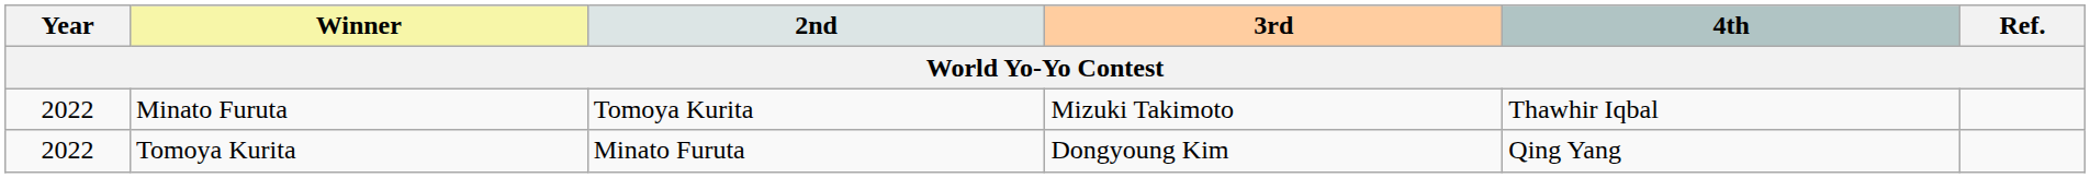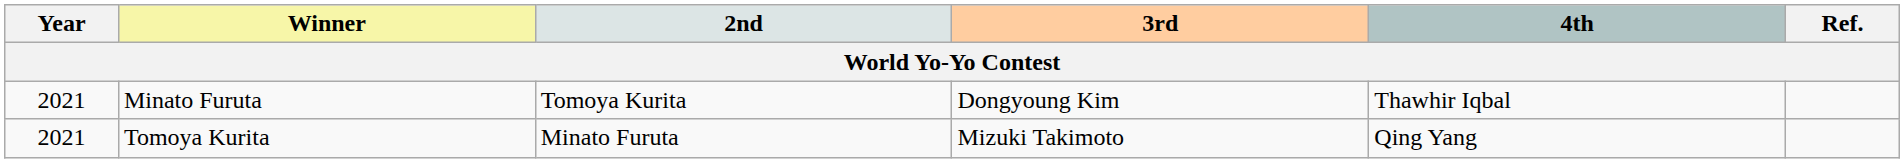 <table class="wikitable" width="100%">
 <tr>
 <th width="6%">Year</th>
 <th style="background-color: #F7F6A8;" width="22%">Winner</th>
 <th style="background-color: #DCE5E5;" width="22%">2nd</th>
 <th style="background-color: #FFCDA0;" width="22%">3rd</th>
 <th style="background-color: #B0C4C4;" width="22%">4th</th>
 <th width="6%">Ref.</th>
 </tr>
 <tr>
 <th colspan="6">World Yo-Yo Contest</th>
 </tr>
 <tr>
-<td align="center">2022</td>
+<td align="center">2021</td>
 <td>Minato Furuta</td>
 <td>Tomoya Kurita</td>
-<td>Mizuki Takimoto</td>
+<td>Dongyoung Kim</td>
 <td>Thawhir Iqbal</td>
 <td></td>
 </tr>
 <tr>
-<td align="center">2022</td>
+<td align="center">2021</td>
 <td>Tomoya Kurita</td>
 <td>Minato Furuta</td>
-<td>Dongyoung Kim</td>
+<td>Mizuki Takimoto</td>
 <td>Qing Yang</td>
 <td></td>
 </tr>
 </table>
